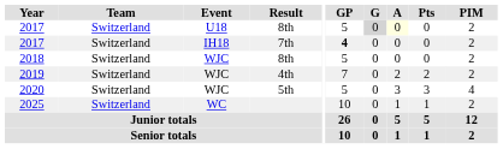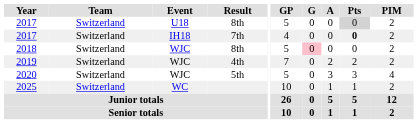 <table border="0" cellpadding="1" cellspacing="0" ID="Table3" style="text-align:center; width:40em">
 <tr ALIGN="center" bgcolor="#e0e0e0">
 <th>Year</th>
 <th>Team</th>
 <th>Event</th>
 <th>Result</th>
 <th rowspan="99" bgcolor="#ffffff"></th>
 <th>GP</th>
 <th>G</th>
 <th>A</th>
 <th>Pts</th>
 <th>PIM</th>
 </tr>
 <tr>
 <td><a href='#'>2017</a></td>
 <td><a href='#'>Switzerland</a></td>
 <td><a href='#'>U18</a></td>
 <td>8th</td>
 <td>5</td>
+<td>0</td>
+<td>0</td>
 <td style="background: lightgrey;">0</td>
-<td style="background: lightyellow;">0</td>
-<td>0</td>
 <td>2</td>
 </tr>
 <tr bgcolor="#f0f0f0">
 <td><a href='#'>2017</a></td>
 <td>Switzerland</td>
 <td><a href='#'>IH18</a></td>
 <td>7th</td>
-<td><strong>4</strong></td>
+<td>4</td>
 <td>0</td>
 <td>0</td>
-<td>0</td>
+<td><strong>0</strong></td>
 <td>2</td>
 </tr>
 <tr>
 <td><a href='#'>2018</a></td>
 <td>Switzerland</td>
 <td><a href='#'>WJC</a></td>
 <td>8th</td>
 <td>5</td>
-<td>0</td>
+<td style="background: pink;">0</td>
 <td>0</td>
 <td>0</td>
 <td>2</td>
 </tr>
 <tr bgcolor="#f0f0f0">
 <td><a href='#'>2019</a></td>
 <td>Switzerland</td>
 <td>WJC</td>
 <td>4th</td>
 <td>7</td>
 <td>0</td>
 <td>2</td>
 <td>2</td>
 <td>2</td>
 </tr>
 <tr>
 <td><a href='#'>2020</a></td>
 <td>Switzerland</td>
 <td>WJC</td>
 <td>5th</td>
 <td>5</td>
 <td>0</td>
 <td>3</td>
 <td>3</td>
 <td>4</td>
 </tr>
 <tr bgcolor="#f0f0f0">
 <td><a href='#'>2025</a></td>
 <td><a href='#'>Switzerland</a></td>
 <td><a href='#'>WC</a></td>
 <td></td>
 <td>10</td>
 <td>0</td>
 <td>1</td>
 <td>1</td>
 <td>2</td>
 </tr>
 <tr bgcolor="#e0e0e0">
 <th colspan="4">Junior totals</th>
 <th>26</th>
 <th>0</th>
 <th>5</th>
 <th>5</th>
 <th>12</th>
 </tr>
 <tr bgcolor="#e0e0e0">
 <th colspan="4">Senior totals</th>
 <th>10</th>
 <th>0</th>
 <th>1</th>
 <th>1</th>
 <th>2</th>
 </tr>
 </table>
